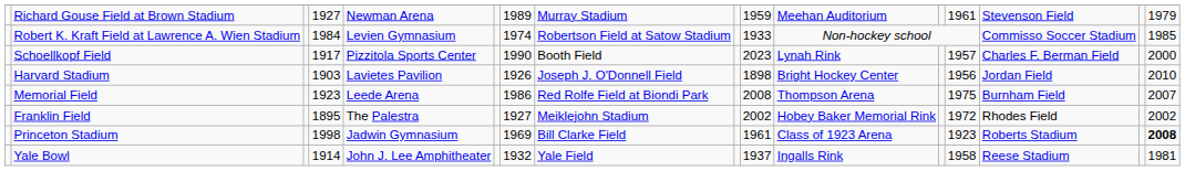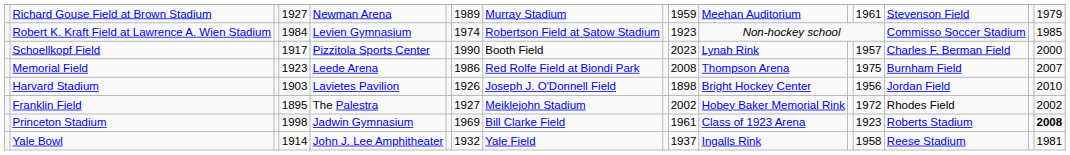 <table class="wikitable sortable" style="font-size:90%">
 <tr>
 </tr>
 <tr>
 </tr>
 <tr>
 <td style="text-align:center; "><a href='#'></a></td>
 <td><a href='#'>Richard Gouse Field at Brown Stadium</a></td>
 <td></td>
 <td>1927</td>
 <td><a href='#'>Newman Arena</a></td>
 <td></td>
 <td>1989</td>
 <td><a href='#'>Murray Stadium</a></td>
 <td></td>
 <td>1959</td>
 <td><a href='#'>Meehan Auditorium</a></td>
 <td></td>
 <td>1961</td>
 <td><a href='#'>Stevenson Field</a></td>
 <td></td>
 <td>1979</td>
 </tr>
 <tr>
 <td style="text-align:center; "><a href='#'></a></td>
 <td><a href='#'>Robert K. Kraft Field at Lawrence A. Wien Stadium</a></td>
 <td></td>
 <td>1984</td>
 <td><a href='#'>Levien Gymnasium</a></td>
 <td></td>
 <td>1974</td>
 <td><a href='#'>Robertson Field at Satow Stadium</a></td>
 <td></td>
-<td>1933</td>
+<td>1923</td>
 <td colspan="3" align=center><em>Non-hockey school</em></td>
 <td><a href='#'>Commisso Soccer Stadium</a></td>
 <td></td>
 <td>1985</td>
 </tr>
 <tr>
 <td style="text-align:center; "><a href='#'></a></td>
 <td><a href='#'>Schoellkopf Field</a></td>
 <td></td>
 <td>1917</td>
 <td><a href='#'>Pizzitola Sports Center</a></td>
 <td></td>
 <td>1990</td>
 <td>Booth Field</td>
 <td></td>
 <td>2023</td>
 <td><a href='#'>Lynah Rink</a></td>
 <td></td>
 <td>1957</td>
 <td><a href='#'>Charles F. Berman Field</a></td>
 <td></td>
 <td>2000</td>
 </tr>
 <tr>
 <td style="text-align:center; "><a href='#'></a></td>
+<td><a href='#'>Memorial Field</a></td>
+<td></td>
+<td>1923</td>
+<td><a href='#'>Leede Arena</a></td>
+<td></td>
+<td>1986</td>
+<td><a href='#'>Red Rolfe Field at Biondi Park</a></td>
+<td></td>
+<td>2008</td>
+<td><a href='#'>Thompson Arena</a></td>
+<td></td>
+<td>1975</td>
+<td><a href='#'>Burnham Field</a></td>
+<td></td>
+<td>2007</td>
+</tr>
+<tr>
+<td style="text-align:center; "><a href='#'></a></td>
 <td><a href='#'>Harvard Stadium</a></td>
 <td></td>
 <td>1903</td>
 <td><a href='#'>Lavietes Pavilion</a></td>
 <td></td>
 <td>1926</td>
 <td><a href='#'>Joseph J. O'Donnell Field</a></td>
 <td></td>
 <td>1898</td>
 <td><a href='#'>Bright Hockey Center</a></td>
 <td></td>
 <td>1956</td>
 <td><a href='#'>Jordan Field</a></td>
 <td></td>
 <td>2010</td>
-</tr>
-<tr>
-<td style="text-align:center; "><a href='#'></a></td>
-<td><a href='#'>Memorial Field</a></td>
-<td></td>
-<td>1923</td>
-<td><a href='#'>Leede Arena</a></td>
-<td></td>
-<td>1986</td>
-<td><a href='#'>Red Rolfe Field at Biondi Park</a></td>
-<td></td>
-<td>2008</td>
-<td><a href='#'>Thompson Arena</a></td>
-<td></td>
-<td>1975</td>
-<td><a href='#'>Burnham Field</a></td>
-<td></td>
-<td>2007</td>
 </tr>
 <tr>
 <td style="text-align:center; "><a href='#'></a></td>
 <td><a href='#'>Franklin Field</a></td>
 <td></td>
 <td>1895</td>
 <td>The <a href='#'>Palestra</a></td>
 <td></td>
 <td>1927</td>
 <td><a href='#'>Meiklejohn Stadium</a></td>
 <td></td>
 <td>2002</td>
 <td><a href='#'>Hobey Baker Memorial Rink</a></td>
 <td></td>
 <td>1972</td>
 <td>Rhodes Field</td>
 <td></td>
 <td>2002</td>
 </tr>
 <tr>
 <td style="text-align:center; "><a href='#'></a></td>
 <td><a href='#'>Princeton Stadium</a></td>
 <td></td>
 <td>1998</td>
 <td><a href='#'>Jadwin Gymnasium</a></td>
 <td></td>
 <td>1969</td>
 <td><a href='#'>Bill Clarke Field</a></td>
 <td></td>
 <td>1961</td>
 <td><a href='#'>Class of 1923 Arena</a></td>
 <td></td>
 <td>1923</td>
 <td><a href='#'>Roberts Stadium</a></td>
 <td></td>
 <td><strong>2008</strong></td>
 </tr>
 <tr>
 <td style="text-align:center; "><a href='#'></a></td>
 <td><a href='#'>Yale Bowl</a></td>
 <td></td>
 <td>1914</td>
 <td><a href='#'>John J. Lee Amphitheater</a></td>
 <td></td>
 <td>1932</td>
 <td><a href='#'>Yale Field</a></td>
 <td></td>
 <td>1937</td>
 <td><a href='#'>Ingalls Rink</a></td>
 <td></td>
 <td>1958</td>
 <td><a href='#'>Reese Stadium</a></td>
 <td></td>
 <td>1981</td>
 </tr>
 </table>
